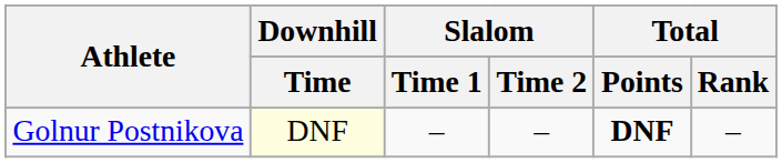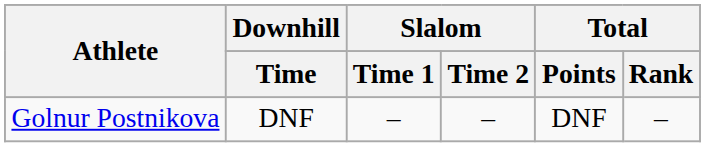 <table class="wikitable" style="font-size:90%">
 <tr>
 <th rowspan="2">Athlete</th>
 <th>Downhill</th>
 <th colspan="2">Slalom</th>
 <th colspan="2">Total</th>
 </tr>
 <tr>
 <th>Time</th>
 <th>Time 1</th>
 <th>Time 2</th>
 <th>Points</th>
 <th>Rank</th>
 </tr>
 <tr>
 <td><a href='#'>Golnur Postnikova</a></td>
-<td align="center" style="background: lightyellow;">DNF</td>
+<td align="center">DNF</td>
 <td align="center">–</td>
 <td align="center">–</td>
-<td align="center"><strong>DNF</strong></td>
+<td align="center">DNF</td>
 <td align="center">–</td>
 </tr>
 </table>
